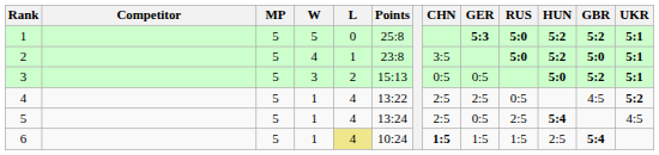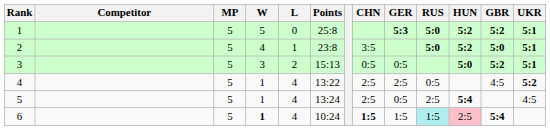 <table class="wikitable" style="text-align:center">
 <tr>
 <th>Rank</th>
 <th style="width:16em">Competitor</th>
 <th style="width:2.5em">MP</th>
 <th style="width:2.5em">W</th>
 <th style="width:2.5em">L</th>
 <th>Points</th>
 <th rowspan="7"> </th>
 <th style="width:2.5em">CHN</th>
 <th style="width:2.5em">GER</th>
 <th style="width:2.5em">RUS</th>
 <th style="width:2.5em">HUN</th>
 <th style="width:2.5em">GBR</th>
 <th style="width:2.5em">UKR</th>
 </tr>
 <tr style="background:#cfc;">
 <td>1</td>
 <td style="text-align:left"></td>
 <td>5</td>
 <td>5</td>
 <td>0</td>
 <td>25:8</td>
 <td></td>
 <td><strong>5:3</strong></td>
 <td><strong>5:0</strong></td>
 <td><strong>5:2</strong></td>
 <td><strong>5:2</strong></td>
 <td><strong>5:1</strong></td>
 </tr>
 <tr style="background:#cfc;">
 <td>2</td>
 <td style="text-align:left"></td>
 <td>5</td>
 <td>4</td>
 <td>1</td>
 <td>23:8</td>
 <td>3:5</td>
 <td></td>
 <td><strong>5:0</strong></td>
 <td><strong>5:2</strong></td>
 <td><strong>5:0</strong></td>
 <td><strong>5:1</strong></td>
 </tr>
 <tr style="background:#cfc;">
 <td>3</td>
 <td style="text-align:left"></td>
 <td>5</td>
 <td>3</td>
 <td>2</td>
 <td>15:13</td>
 <td>0:5</td>
 <td>0:5</td>
 <td></td>
 <td><strong>5:0</strong></td>
 <td><strong>5:2</strong></td>
 <td><strong>5:1</strong></td>
 </tr>
 <tr>
 <td>4</td>
 <td style="text-align:left"></td>
 <td>5</td>
 <td>1</td>
 <td>4</td>
 <td>13:22</td>
 <td>2:5</td>
 <td>2:5</td>
 <td>0:5</td>
 <td></td>
 <td>4:5</td>
 <td><strong>5:2</strong></td>
 </tr>
 <tr>
 <td>5</td>
 <td style="text-align:left"></td>
 <td>5</td>
 <td>1</td>
 <td>4</td>
 <td>13:24</td>
 <td>2:5</td>
 <td>0:5</td>
 <td>2:5</td>
 <td><strong>5:4</strong></td>
 <td></td>
 <td>4:5</td>
 </tr>
 <tr>
 <td>6</td>
 <td style="text-align:left"></td>
 <td>5</td>
-<td>1</td>
-<td style="background: khaki;">4</td>
+<td><strong>1</strong></td>
+<td>4</td>
 <td>10:24</td>
 <td><strong>1:5</strong></td>
 <td>1:5</td>
-<td>1:5</td>
-<td>2:5</td>
+<td style="background: paleturquoise;">1:5</td>
+<td style="background: pink;">2:5</td>
 <td><strong>5:4</strong></td>
 <td></td>
 </tr>
 </table>
